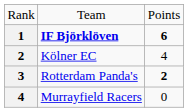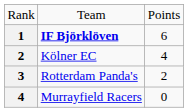 <table class="wikitable" style="text-align: center;">
 <tr>
 <td>Rank</td>
 <td>Team</td>
 <td>Points</td>
 </tr>
 <tr>
 <th>1</th>
 <td style="text-align: left;"> <strong><a href='#'>IF Björklöven</a></strong></td>
-<td><strong>6</strong></td>
+<td>6</td>
 </tr>
 <tr>
 <th>2</th>
 <td style="text-align: left;"> <a href='#'>Kölner EC</a></td>
 <td>4</td>
 </tr>
 <tr>
 <th>3</th>
 <td style="text-align: left;"> <a href='#'>Rotterdam Panda's</a></td>
-<td><strong>2</strong></td>
+<td>2</td>
 </tr>
 <tr>
 <th>4</th>
 <td style="text-align: left;"> <a href='#'>Murrayfield Racers</a></td>
 <td>0</td>
 </tr>
 </table>
